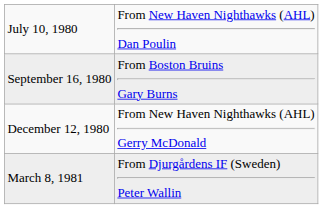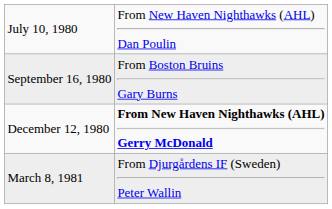 <table class="wikitable">
 <tr>
 <td>July 10, 1980</td>
 <td valign="top">From <a href='#'>New Haven Nighthawks</a> (<a href='#'>AHL</a>)<hr><a href='#'>Dan Poulin</a></td>
 </tr>
 <tr style="background:#eee;">
 <td>September 16, 1980</td>
 <td valign="top">From <a href='#'>Boston Bruins</a><hr><a href='#'>Gary Burns</a></td>
 </tr>
 <tr>
 <td>December 12, 1980</td>
-<td valign="top">From New Haven Nighthawks (AHL)<hr><a href='#'>Gerry McDonald</a></td>
+<td valign="top"><strong>From New Haven Nighthawks (AHL)<hr><a href='#'>Gerry McDonald</a></strong></td>
 </tr>
 <tr style="background:#eee;">
 <td>March 8, 1981</td>
 <td valign="top">From <a href='#'>Djurgårdens IF</a> (Sweden)<hr><a href='#'>Peter Wallin</a></td>
 </tr>
 </table>
